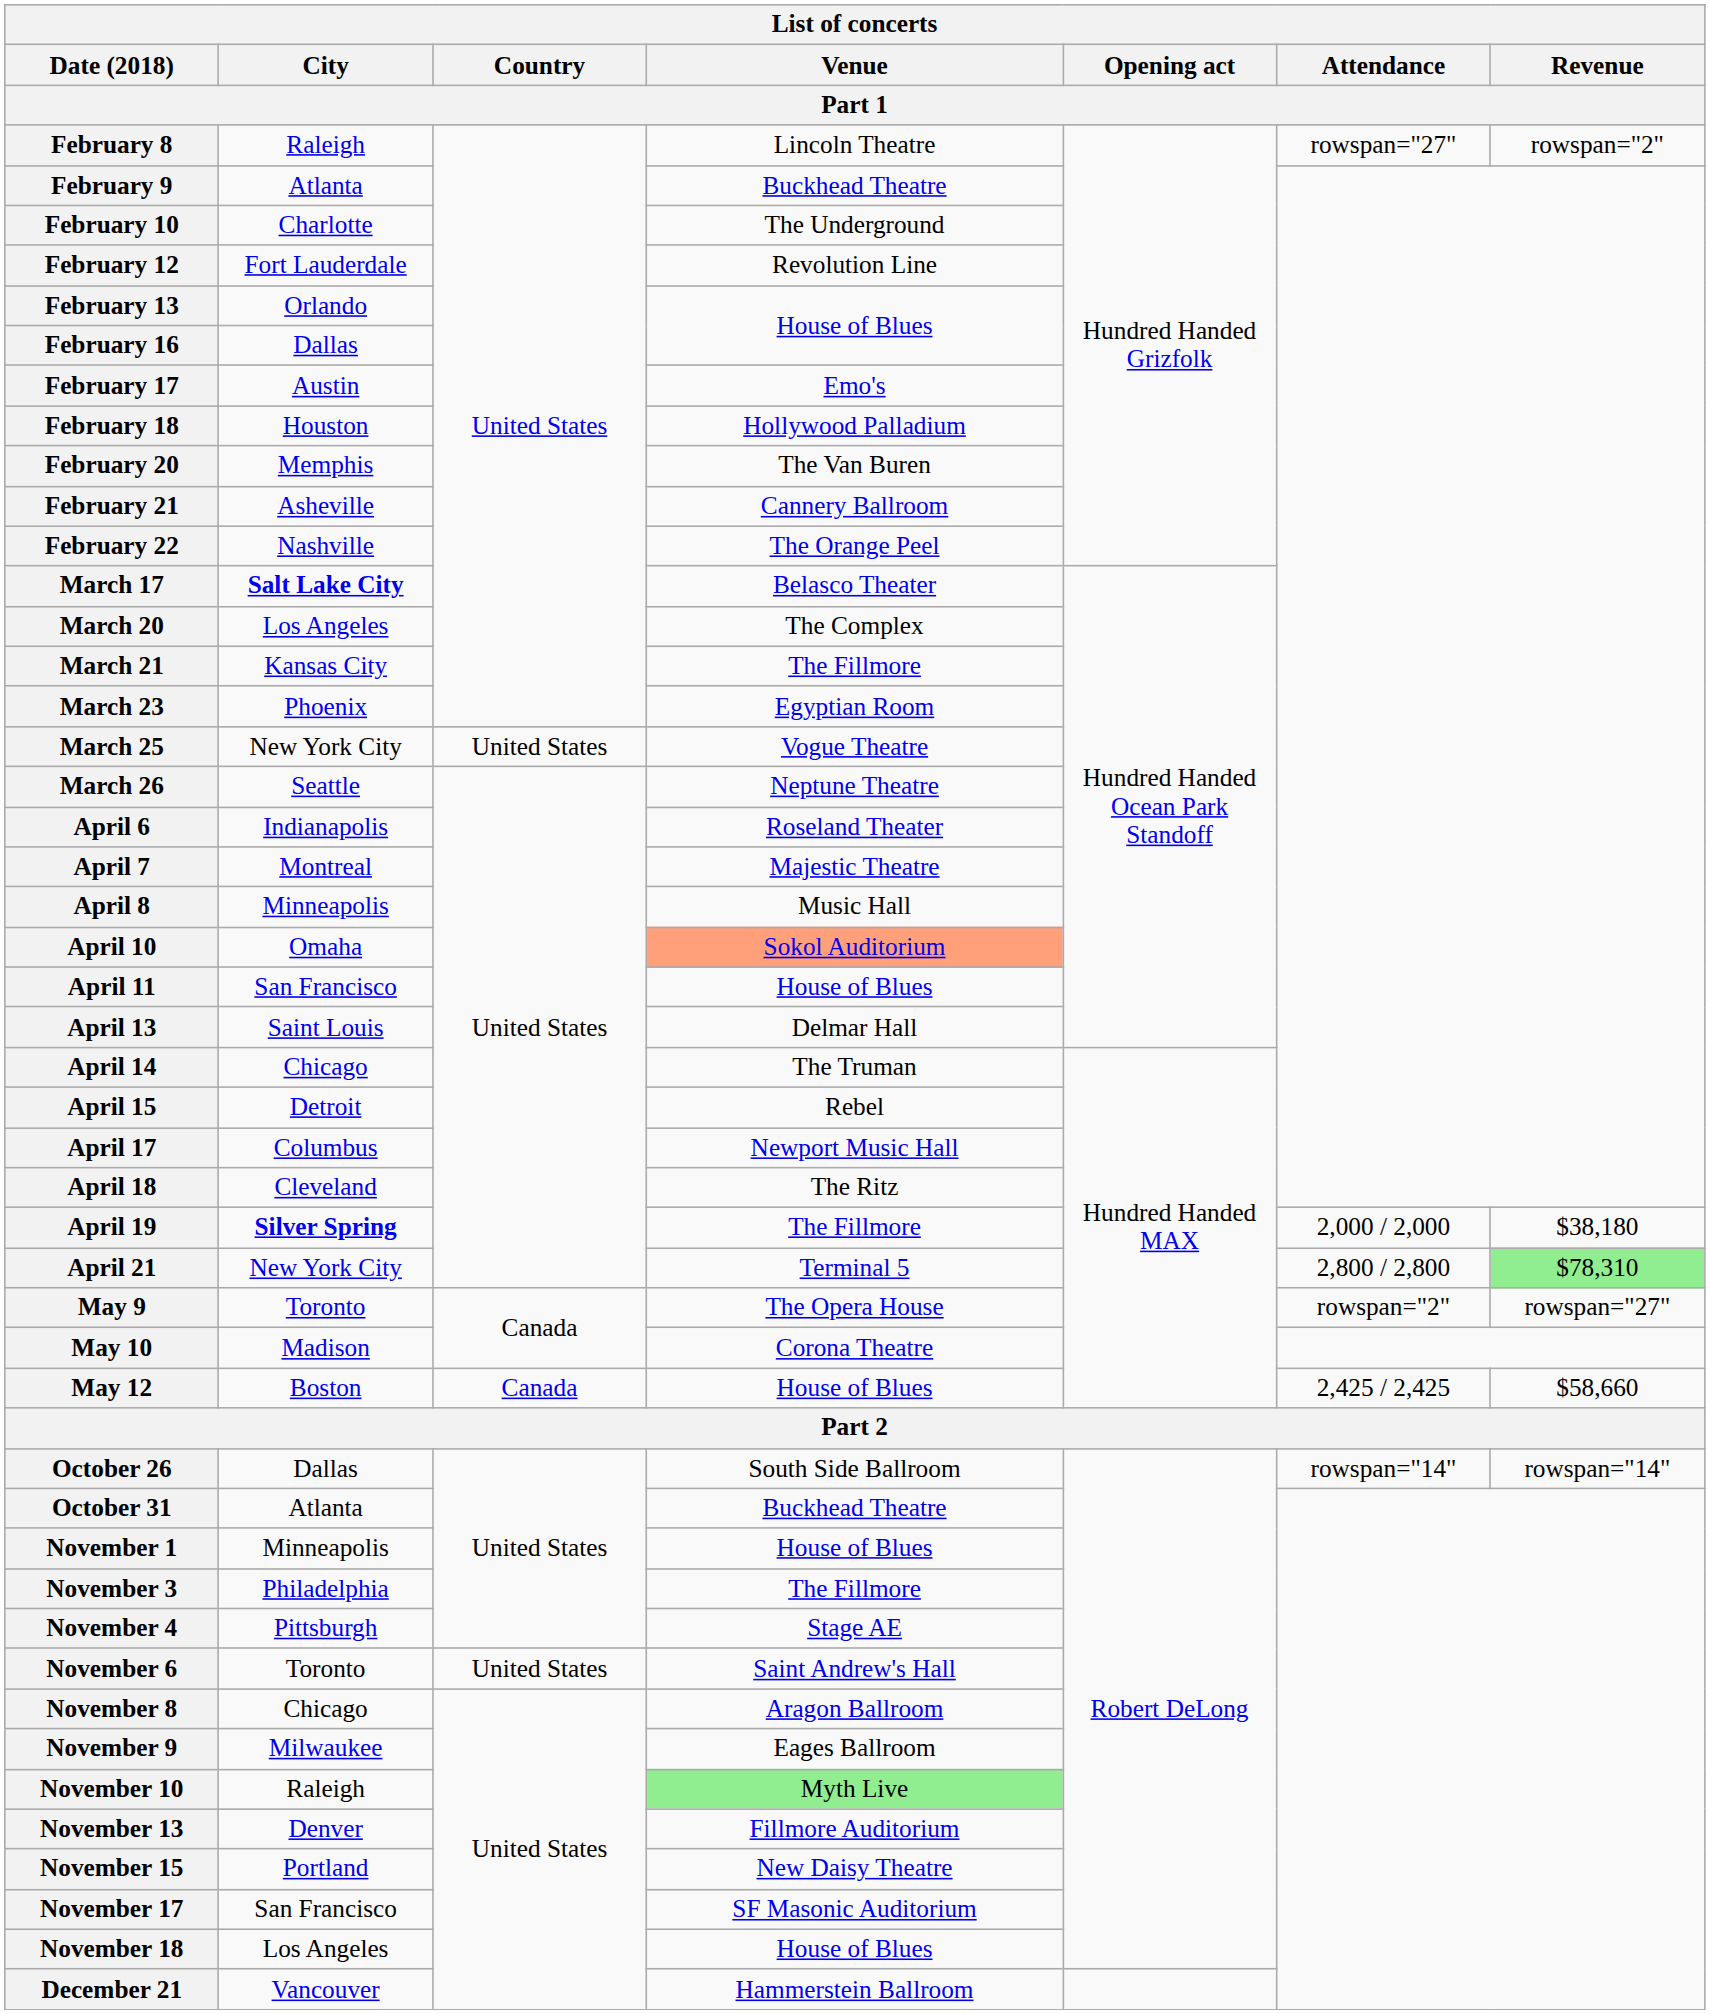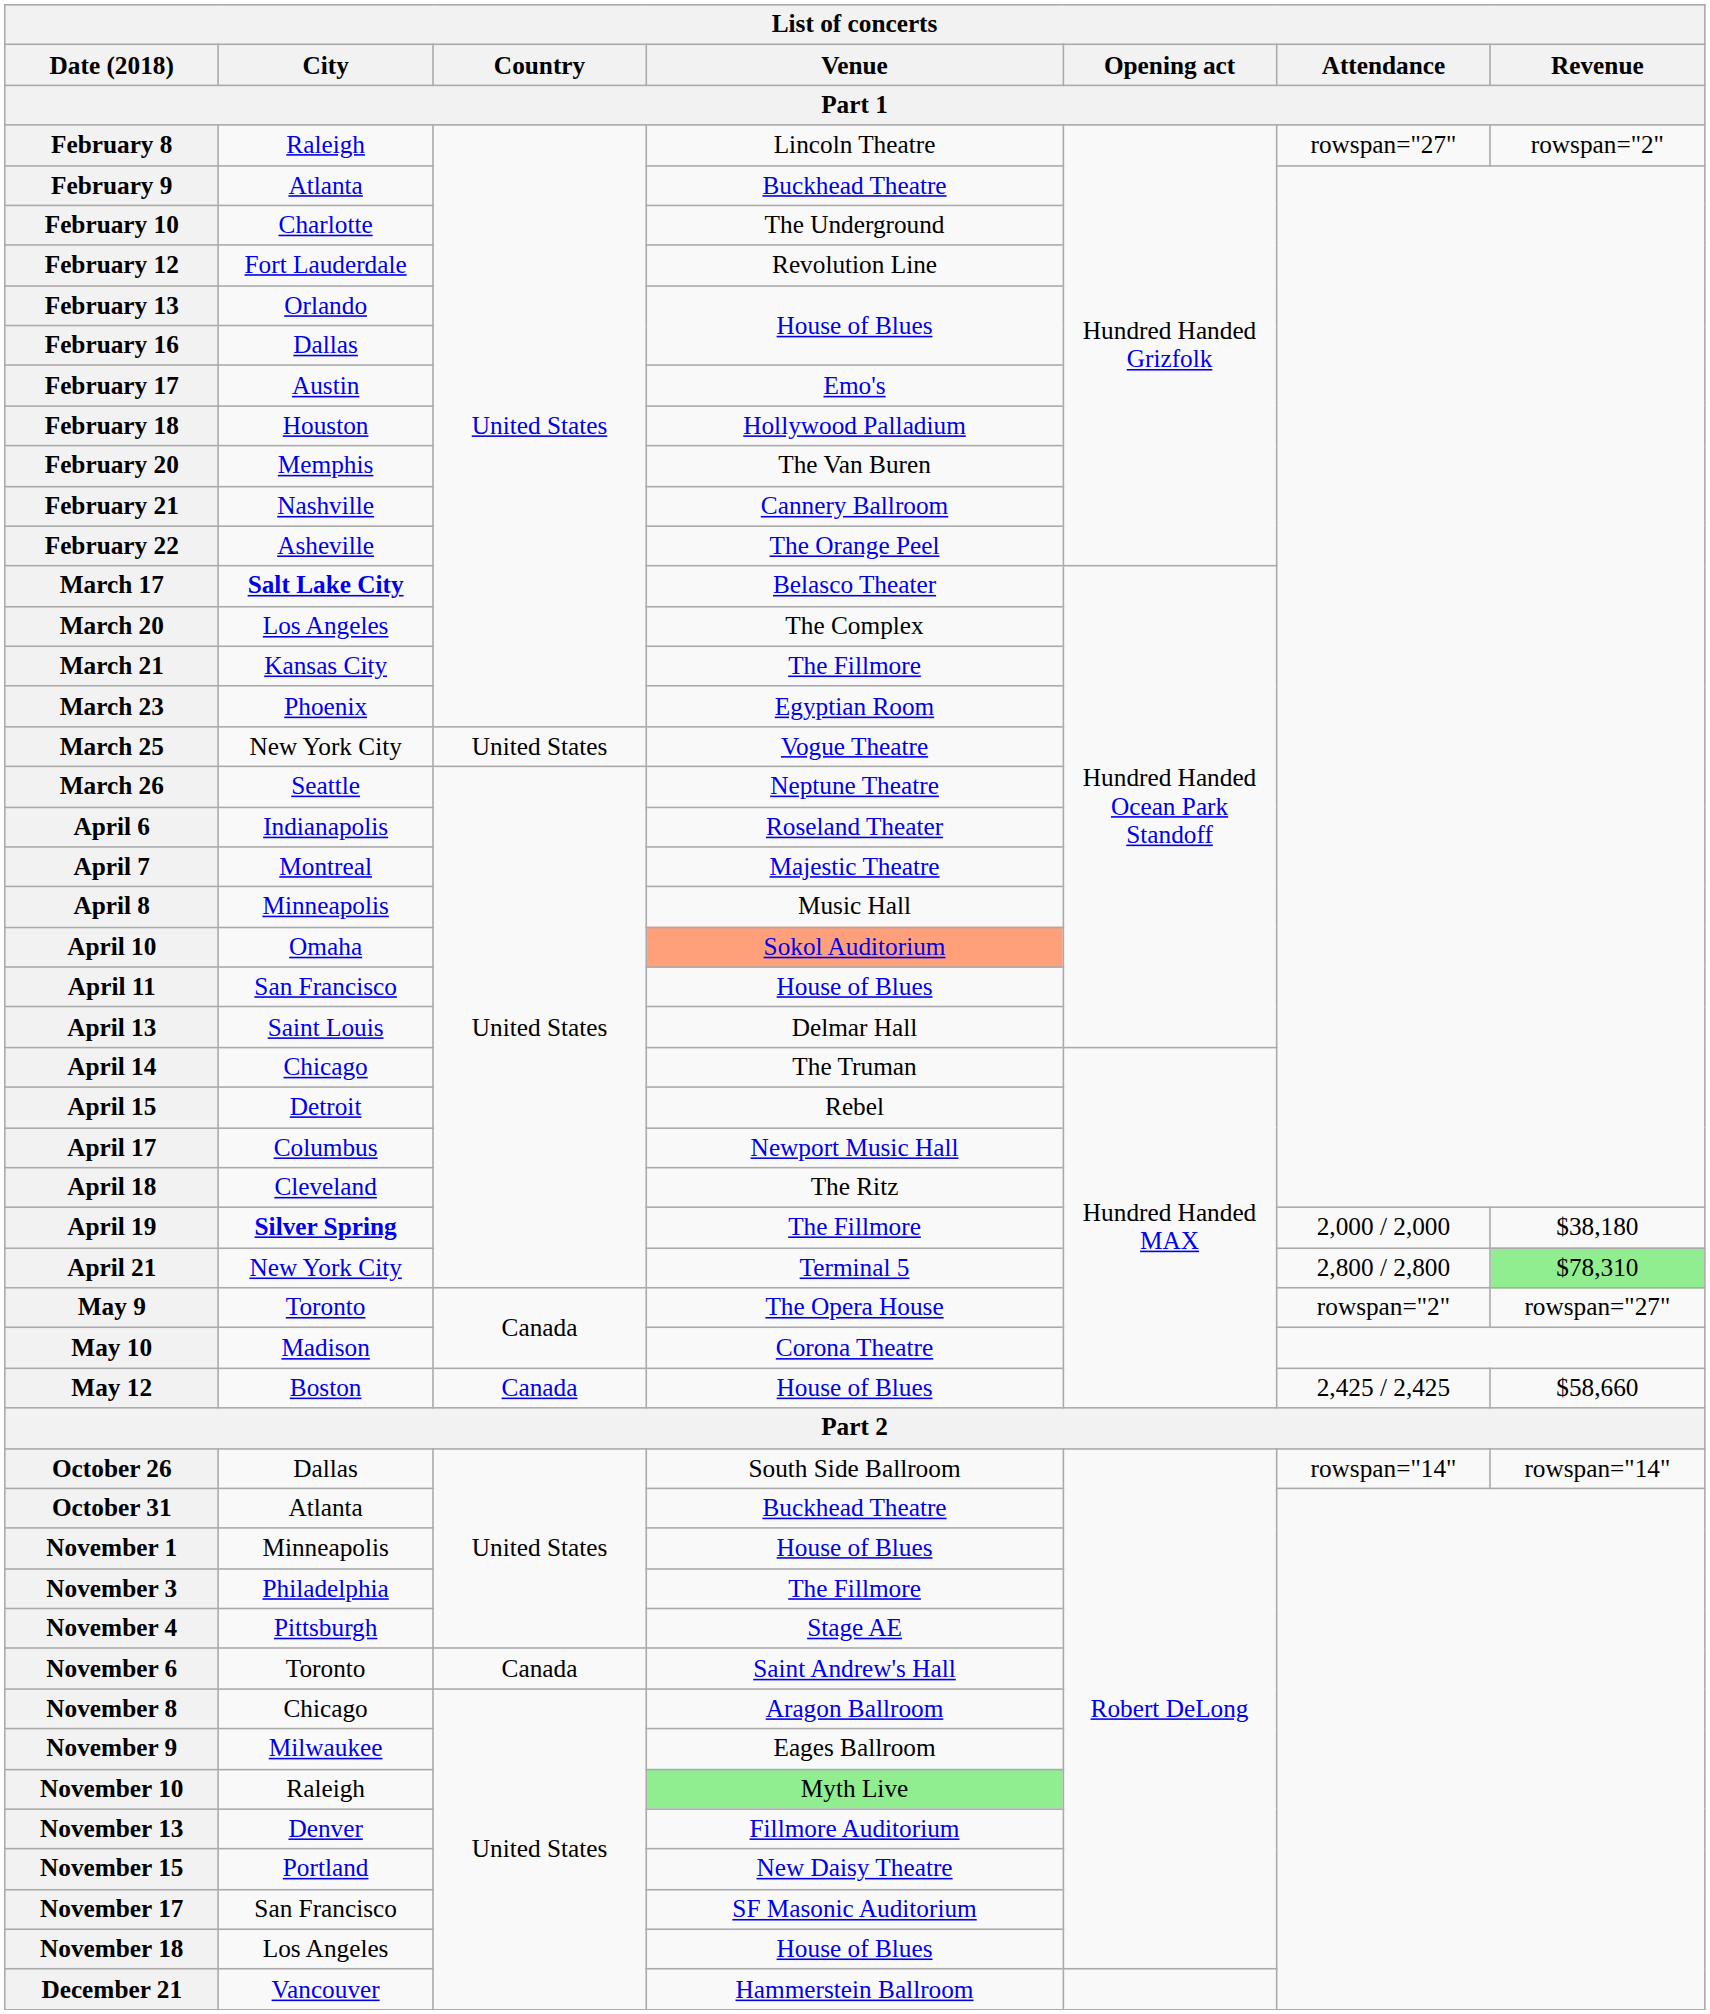 <table class="wikitable" style="text-align:center;">
 <tr>
 <th colspan="7" width="960">List of concerts</th>
 </tr>
 <tr>
 <th scope="col" style="width:8em;">Date (2018)</th>
 <th scope="col" style="width:8em;">City</th>
 <th scope="col" style="width:8em;">Country</th>
 <th scope="col" style="width:16em;">Venue</th>
 <th scope="col" style="width:8em;">Opening act</th>
 <th scope="col" style="width:8em;">Attendance</th>
 <th scope="col" style="width:8em;">Revenue</th>
 </tr>
 <tr>
 <th colspan="7">Part 1</th>
 </tr>
 <tr>
 <th scope="row" style="text-align:center;">February 8</th>
 <td><a href='#'>Raleigh</a></td>
 <td rowspan="15"><a href='#'>United States</a></td>
 <td>Lincoln Theatre</td>
 <td rowspan="11">Hundred Handed<br><a href='#'>Grizfolk</a></td>
 <td>rowspan="27" </td>
 <td>rowspan="2" </td>
 </tr>
 <tr>
 <th scope="row" style="text-align:center;">February 9</th>
 <td><a href='#'>Atlanta</a></td>
 <td><a href='#'>Buckhead Theatre</a></td>
 </tr>
 <tr>
 <th scope="row" style="text-align:center;">February 10</th>
 <td><a href='#'>Charlotte</a></td>
 <td>The Underground</td>
 </tr>
 <tr>
 <th scope="row" style="text-align:center;">February 12</th>
 <td><a href='#'>Fort Lauderdale</a></td>
 <td>Revolution Line</td>
 </tr>
 <tr>
 <th scope="row" style="text-align:center;">February 13</th>
 <td><a href='#'>Orlando</a></td>
 <td rowspan="2"><a href='#'>House of Blues</a></td>
 </tr>
 <tr>
 <th scope="row" style="text-align:center;">February 16</th>
 <td><a href='#'>Dallas</a></td>
 </tr>
 <tr>
 <th scope="row" style="text-align:center;">February 17</th>
 <td><a href='#'>Austin</a></td>
 <td><a href='#'>Emo's</a></td>
 </tr>
 <tr>
 <th scope="row" style="text-align:center;">February 18</th>
 <td><a href='#'>Houston</a></td>
 <td><a href='#'>Hollywood Palladium</a></td>
 </tr>
 <tr>
 <th scope="row" style="text-align:center;">February 20</th>
 <td><a href='#'>Memphis</a></td>
 <td>The Van Buren</td>
 </tr>
 <tr>
 <th scope="row" style="text-align:center;">February 21</th>
-<td><a href='#'>Asheville</a></td>
+<td><a href='#'>Nashville</a></td>
 <td><a href='#'>Cannery Ballroom</a></td>
 </tr>
 <tr>
 <th scope="row" style="text-align:center;">February 22</th>
-<td><a href='#'>Nashville</a></td>
+<td><a href='#'>Asheville</a></td>
 <td><a href='#'>The Orange Peel</a></td>
 </tr>
 <tr>
 <th scope="row" style="text-align:center;">March 17</th>
 <td><strong><a href='#'>Salt Lake City</a></strong></td>
 <td><a href='#'>Belasco Theater</a></td>
 <td rowspan="12">Hundred Handed<br><a href='#'>Ocean Park Standoff</a></td>
 </tr>
 <tr>
 <th scope="row" style="text-align:center;">March 20</th>
 <td><a href='#'>Los Angeles</a></td>
 <td>The Complex</td>
 </tr>
 <tr>
 <th scope="row" style="text-align:center;">March 21</th>
 <td><a href='#'>Kansas City</a></td>
 <td><a href='#'>The Fillmore</a></td>
 </tr>
 <tr>
 <th scope="row" style="text-align:center;">March 23</th>
 <td><a href='#'>Phoenix</a></td>
 <td><a href='#'>Egyptian Room</a></td>
 </tr>
 <tr>
 <th scope="row" style="text-align:center;">March 25</th>
 <td>New York City</td>
 <td>United States</td>
 <td><a href='#'>Vogue Theatre</a></td>
 </tr>
 <tr>
 <th scope="row" style="text-align:center;">March 26</th>
 <td><a href='#'>Seattle</a></td>
 <td rowspan="13">United States</td>
 <td><a href='#'>Neptune Theatre</a></td>
 </tr>
 <tr>
 <th scope="row" style="text-align:center;">April 6</th>
 <td><a href='#'>Indianapolis</a></td>
 <td><a href='#'>Roseland Theater</a></td>
 </tr>
 <tr>
 <th scope="row" style="text-align:center;">April 7</th>
 <td><a href='#'>Montreal</a></td>
 <td><a href='#'>Majestic Theatre</a></td>
 </tr>
 <tr>
 <th scope="row" style="text-align:center;">April 8</th>
 <td><a href='#'>Minneapolis</a></td>
 <td>Music Hall</td>
 </tr>
 <tr>
 <th scope="row" style="text-align:center;">April 10</th>
 <td><a href='#'>Omaha</a></td>
 <td style="background: lightsalmon;"><a href='#'>Sokol Auditorium</a></td>
 </tr>
 <tr>
 <th scope="row" style="text-align:center;">April 11</th>
 <td><a href='#'>San Francisco</a></td>
 <td><a href='#'>House of Blues</a></td>
 </tr>
 <tr>
 <th scope="row" style="text-align:center;">April 13</th>
 <td><a href='#'>Saint Louis</a></td>
 <td>Delmar Hall</td>
 </tr>
 <tr>
 <th scope="row" style="text-align:center;">April 14</th>
 <td><a href='#'>Chicago</a></td>
 <td>The Truman</td>
 <td rowspan="9">Hundred Handed<br><a href='#'>MAX</a></td>
 </tr>
 <tr>
 <th scope="row" style="text-align:center;">April 15</th>
 <td><a href='#'>Detroit</a></td>
 <td>Rebel</td>
 </tr>
 <tr>
 <th scope="row" style="text-align:center;">April 17</th>
 <td><a href='#'>Columbus</a></td>
 <td><a href='#'>Newport Music Hall</a></td>
 </tr>
 <tr>
 <th scope="row" style="text-align:center;">April 18</th>
 <td><a href='#'>Cleveland</a></td>
 <td>The Ritz</td>
 </tr>
 <tr>
 <th scope="row" style="text-align:center;">April 19</th>
 <td><strong><a href='#'>Silver Spring</a></strong></td>
 <td><a href='#'>The Fillmore</a></td>
 <td>2,000 / 2,000</td>
 <td>$38,180</td>
 </tr>
 <tr>
 <th scope="row" style="text-align:center;">April 21</th>
 <td><a href='#'>New York City</a></td>
 <td><a href='#'>Terminal 5</a></td>
 <td>2,800 / 2,800</td>
 <td style="background: lightgreen;">$78,310</td>
 </tr>
 <tr>
 <th scope="row" style="text-align:center;">May 9</th>
 <td><a href='#'>Toronto</a></td>
 <td rowspan="2">Canada</td>
 <td><a href='#'>The Opera House</a></td>
 <td>rowspan="2" </td>
 <td>rowspan="27" </td>
 </tr>
 <tr>
 <th scope="row" style="text-align:center;">May 10</th>
 <td><a href='#'>Madison</a></td>
 <td><a href='#'>Corona Theatre</a></td>
 </tr>
 <tr>
 <th scope="row" style="text-align:center;">May 12</th>
 <td><a href='#'>Boston</a></td>
 <td><a href='#'>Canada</a></td>
 <td><a href='#'>House of Blues</a></td>
 <td>2,425 / 2,425</td>
 <td>$58,660</td>
 </tr>
 <tr>
 <th colspan="7">Part 2</th>
 </tr>
 <tr>
 <th scope="row" style="text-align:center;">October 26</th>
 <td>Dallas</td>
 <td rowspan="5">United States</td>
 <td>South Side Ballroom</td>
 <td rowspan="13"><a href='#'>Robert DeLong</a></td>
 <td>rowspan="14" </td>
 <td>rowspan="14" </td>
 </tr>
 <tr>
 <th scope="row" style="text-align:center;">October 31</th>
 <td>Atlanta</td>
 <td><a href='#'>Buckhead Theatre</a></td>
 </tr>
 <tr>
 <th scope="row" style="text-align:center;">November 1</th>
 <td>Minneapolis</td>
 <td><a href='#'>House of Blues</a></td>
 </tr>
 <tr>
 <th scope="row" style="text-align:center;">November 3</th>
 <td><a href='#'>Philadelphia</a></td>
 <td><a href='#'>The Fillmore</a></td>
 </tr>
 <tr>
 <th scope="row" style="text-align:center;">November 4</th>
 <td><a href='#'>Pittsburgh</a></td>
 <td><a href='#'>Stage AE</a></td>
 </tr>
 <tr>
 <th scope="row" style="text-align:center;">November 6</th>
 <td>Toronto</td>
-<td>United States</td>
+<td>Canada</td>
 <td><a href='#'>Saint Andrew's Hall</a></td>
 </tr>
 <tr>
 <th scope="row" style="text-align:center;">November 8</th>
 <td>Chicago</td>
 <td rowspan="8">United States</td>
 <td><a href='#'>Aragon Ballroom</a></td>
 </tr>
 <tr>
 <th scope="row" style="text-align:center;">November 9</th>
 <td><a href='#'>Milwaukee</a></td>
 <td>Eages Ballroom</td>
 </tr>
 <tr>
 <th scope="row" style="text-align:center;">November 10</th>
 <td>Raleigh</td>
 <td style="background: lightgreen;">Myth Live</td>
 </tr>
 <tr>
 <th scope="row" style="text-align:center;">November 13</th>
 <td><a href='#'>Denver</a></td>
 <td><a href='#'>Fillmore Auditorium</a></td>
 </tr>
 <tr>
 <th scope="row" style="text-align:center;">November 15</th>
 <td><a href='#'>Portland</a></td>
 <td><a href='#'>New Daisy Theatre</a></td>
 </tr>
 <tr>
 <th scope="row" style="text-align:center;">November 17</th>
 <td>San Francisco</td>
 <td><a href='#'>SF Masonic Auditorium</a></td>
 </tr>
 <tr>
 <th scope="row" style="text-align:center;">November 18</th>
 <td>Los Angeles</td>
 <td><a href='#'>House of Blues</a></td>
 </tr>
 <tr>
 <th scope="row" style="text-align:center;">December 21</th>
 <td><a href='#'>Vancouver</a></td>
 <td><a href='#'>Hammerstein Ballroom</a></td>
 <td></td>
 </tr>
 </table>
